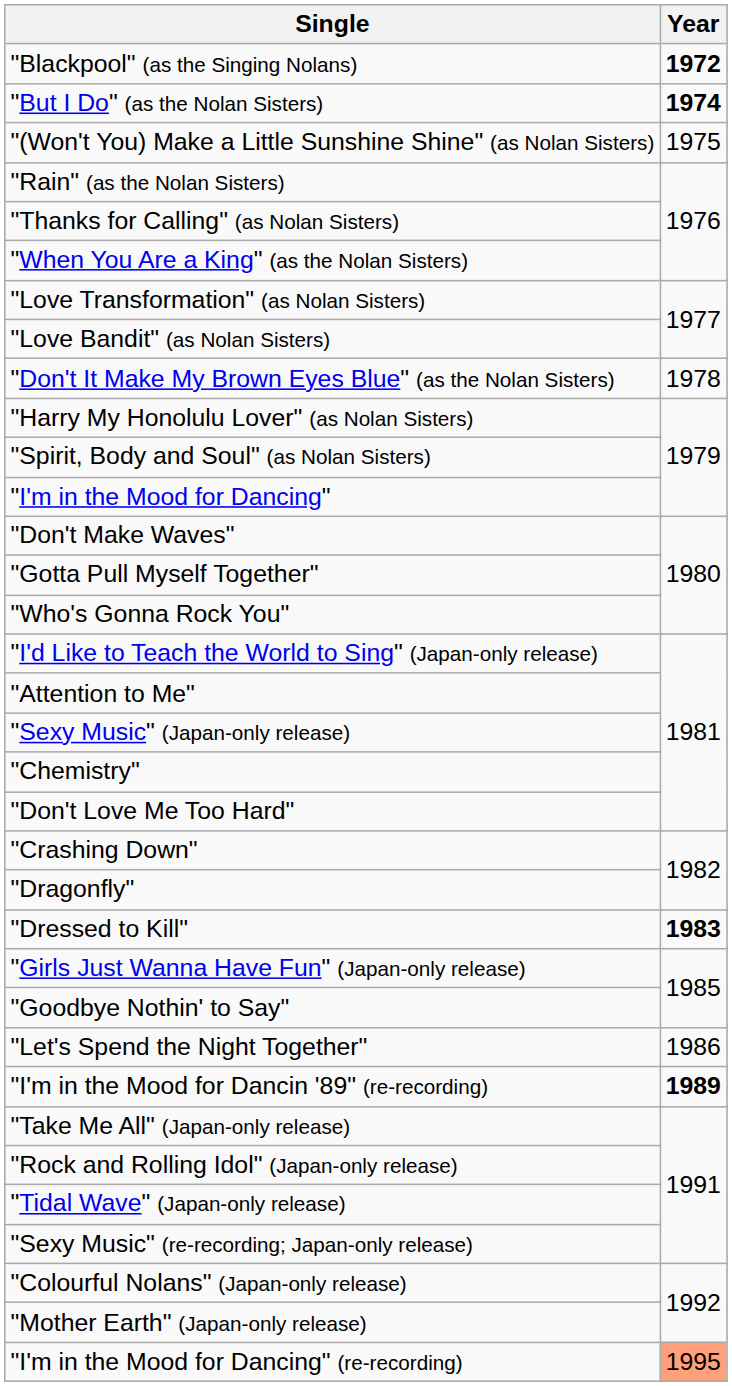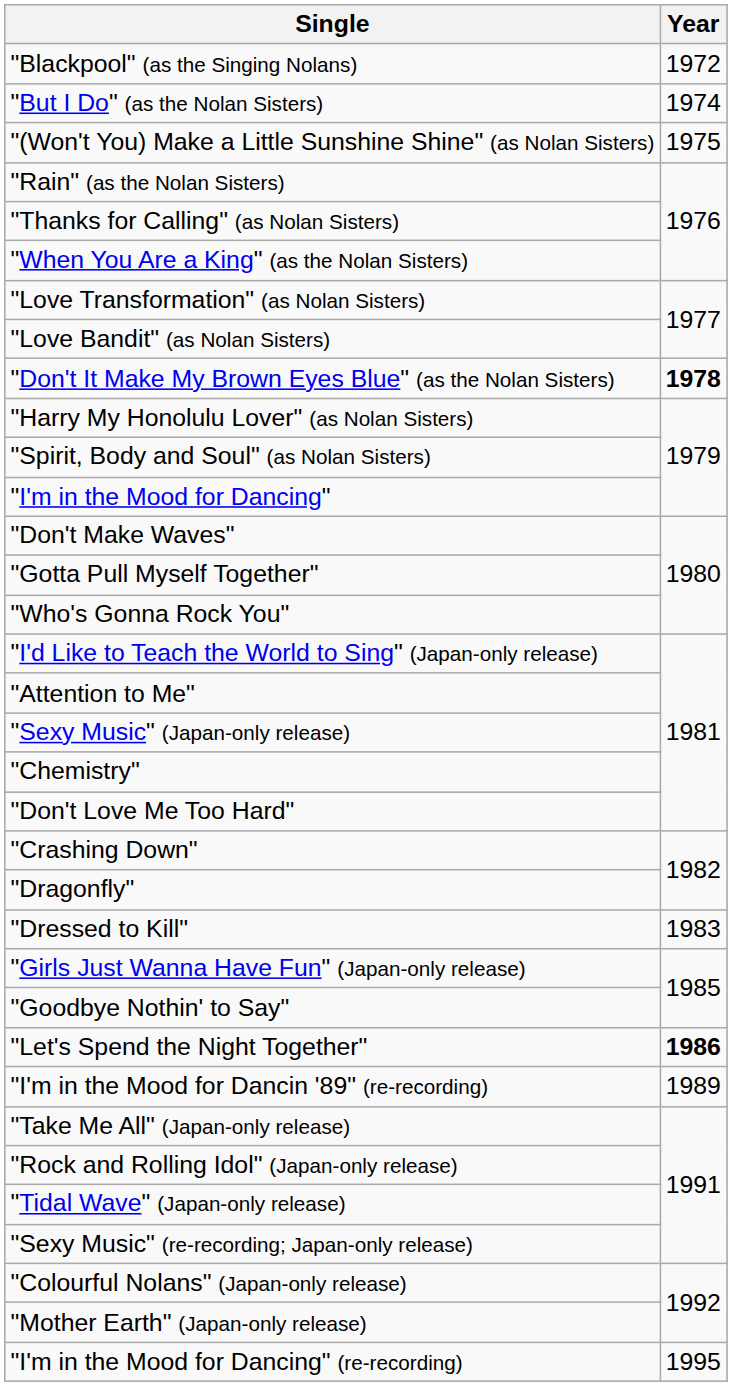 <table class="wikitable">
 <tr>
 <th>Single</th>
 <th>Year</th>
 </tr>
 <tr>
 <td>"Blackpool" <small>(as the Singing Nolans)</small></td>
-<td><strong>1972</strong></td>
+<td>1972</td>
 </tr>
 <tr>
 <td>"<a href='#'>But I Do</a>" <small>(as the Nolan Sisters)</small></td>
-<td><strong>1974</strong></td>
+<td>1974</td>
 </tr>
 <tr>
 <td>"(Won't You) Make a Little Sunshine Shine" <small>(as Nolan Sisters)</small></td>
 <td>1975</td>
 </tr>
 <tr>
 <td>"Rain" <small>(as the Nolan Sisters)</small></td>
 <td rowspan="3">1976</td>
 </tr>
 <tr>
 <td>"Thanks for Calling" <small>(as Nolan Sisters)</small></td>
 </tr>
 <tr>
 <td>"<a href='#'>When You Are a King</a>" <small>(as the Nolan Sisters)</small></td>
 </tr>
 <tr>
 <td>"Love Transformation" <small>(as Nolan Sisters)</small></td>
 <td rowspan="2">1977</td>
 </tr>
 <tr>
 <td>"Love Bandit" <small>(as Nolan Sisters)</small></td>
 </tr>
 <tr>
 <td>"<a href='#'>Don't It Make My Brown Eyes Blue</a>" <small>(as the Nolan Sisters)</small></td>
-<td>1978</td>
+<td><strong>1978</strong></td>
 </tr>
 <tr>
 <td>"Harry My Honolulu Lover" <small>(as Nolan Sisters)</small></td>
 <td rowspan="3">1979</td>
 </tr>
 <tr>
 <td>"Spirit, Body and Soul" <small>(as Nolan Sisters)</small></td>
 </tr>
 <tr>
 <td>"<a href='#'>I'm in the Mood for Dancing</a>"</td>
 </tr>
 <tr>
 <td>"Don't Make Waves"</td>
 <td rowspan="3">1980</td>
 </tr>
 <tr>
 <td>"Gotta Pull Myself Together"</td>
 </tr>
 <tr>
 <td>"Who's Gonna Rock You"</td>
 </tr>
 <tr>
 <td>"<a href='#'>I'd Like to Teach the World to Sing</a>" <small>(Japan-only release)</small></td>
 <td rowspan="5">1981</td>
 </tr>
 <tr>
 <td>"Attention to Me"</td>
 </tr>
 <tr>
 <td>"<a href='#'>Sexy Music</a>" <small>(Japan-only release)</small></td>
 </tr>
 <tr>
 <td>"Chemistry"</td>
 </tr>
 <tr>
 <td>"Don't Love Me Too Hard"</td>
 </tr>
 <tr>
 <td>"Crashing Down"</td>
 <td rowspan="2">1982</td>
 </tr>
 <tr>
 <td>"Dragonfly"</td>
 </tr>
 <tr>
 <td>"Dressed to Kill"</td>
-<td><strong>1983</strong></td>
+<td>1983</td>
 </tr>
 <tr>
 <td>"<a href='#'>Girls Just Wanna Have Fun</a>" <small>(Japan-only release)</small></td>
 <td rowspan="2">1985</td>
 </tr>
 <tr>
 <td>"Goodbye Nothin' to Say"</td>
 </tr>
 <tr>
 <td>"Let's Spend the Night Together"</td>
-<td>1986</td>
+<td><strong>1986</strong></td>
 </tr>
 <tr>
 <td>"I'm in the Mood for Dancin '89" <small>(re-recording)</small></td>
-<td><strong>1989</strong></td>
+<td>1989</td>
 </tr>
 <tr>
 <td>"Take Me All" <small>(Japan-only release)</small></td>
 <td rowspan="4">1991</td>
 </tr>
 <tr>
 <td>"Rock and Rolling Idol" <small>(Japan-only release)</small></td>
 </tr>
 <tr>
 <td>"<a href='#'>Tidal Wave</a>" <small>(Japan-only release)</small></td>
 </tr>
 <tr>
 <td>"Sexy Music" <small>(re-recording; Japan-only release)</small></td>
 </tr>
 <tr>
 <td>"Colourful Nolans" <small>(Japan-only release)</small></td>
 <td rowspan="2">1992</td>
 </tr>
 <tr>
 <td>"Mother Earth" <small>(Japan-only release)</small></td>
 </tr>
 <tr>
 <td>"I'm in the Mood for Dancing" <small>(re-recording)</small></td>
-<td style="background: lightsalmon;">1995</td>
+<td>1995</td>
 </tr>
 </table>
